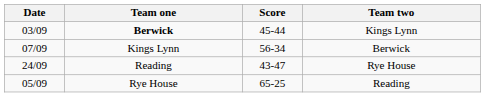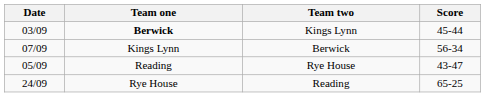 <table class="wikitable" style="text-align: center">
 <tr>
 <th width=80>Date</th>
 <th width=250>Team one</th>
+<th width=250>Team two</th>
 <th width=80>Score</th>
-<th width=250>Team two</th>
 </tr>
 <tr>
 <td>03/09</td>
 <td><strong>Berwick</strong></td>
+<td>Kings Lynn</td>
 <td>45-44</td>
-<td>Kings Lynn</td>
 </tr>
 <tr>
 <td>07/09</td>
 <td>Kings Lynn</td>
+<td>Berwick</td>
 <td>56-34</td>
-<td>Berwick</td>
+</tr>
+<tr>
+<td>05/09</td>
+<td>Reading</td>
+<td>Rye House</td>
+<td>43-47</td>
 </tr>
 <tr>
 <td>24/09</td>
+<td>Rye House</td>
 <td>Reading</td>
-<td>43-47</td>
-<td>Rye House</td>
-</tr>
-<tr>
-<td>05/09</td>
-<td>Rye House</td>
 <td>65-25</td>
-<td>Reading</td>
 </tr>
 </table>
